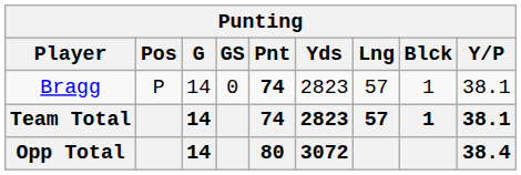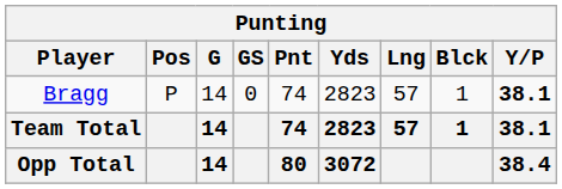 <table class="wikitable" style="text-align:center">
 <tr>
 <th colspan="9">Punting</th>
 </tr>
 <tr>
 <th>Player</th>
 <th>Pos</th>
 <th>G</th>
 <th>GS</th>
 <th>Pnt</th>
 <th>Yds</th>
 <th>Lng</th>
 <th>Blck</th>
 <th>Y/P</th>
 </tr>
 <tr>
 <td><a href='#'>Bragg</a></td>
 <td>P</td>
 <td>14</td>
 <td>0</td>
-<td><strong>74</strong></td>
+<td>74</td>
 <td>2823</td>
 <td>57</td>
 <td>1</td>
-<td>38.1</td>
+<td><strong>38.1</strong></td>
 </tr>
 <tr>
 <th>Team Total</th>
 <th></th>
 <th>14</th>
 <th></th>
 <th>74</th>
 <th>2823</th>
 <th>57</th>
 <th>1</th>
 <th>38.1</th>
 </tr>
 <tr>
 <th>Opp Total</th>
 <th></th>
 <th>14</th>
 <th></th>
 <th>80</th>
 <th>3072</th>
 <th></th>
 <th></th>
 <th>38.4</th>
 </tr>
 </table>
